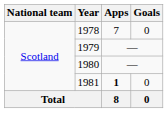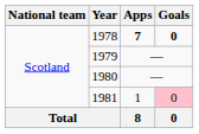 <table class="wikitable" style="text-align:center">
 <tr>
 <th>National team</th>
 <th>Year</th>
 <th>Apps</th>
 <th>Goals</th>
 </tr>
 <tr>
 <td rowspan="4"><a href='#'>Scotland</a></td>
 <td>1978</td>
-<td>7</td>
-<td>0</td>
+<td><strong>7</strong></td>
+<td><strong>0</strong></td>
 </tr>
 <tr>
 <td>1979</td>
 <td colspan="2">—</td>
 </tr>
 <tr>
 <td>1980</td>
 <td colspan="2">—</td>
 </tr>
 <tr>
 <td>1981</td>
-<td><strong>1</strong></td>
-<td>0</td>
+<td>1</td>
+<td style="background: pink;">0</td>
 </tr>
 <tr>
 <th colspan="2">Total</th>
 <th>8</th>
 <th>0</th>
 </tr>
 </table>
